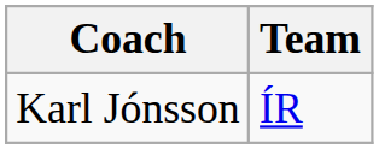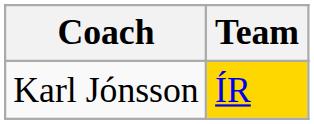 <table class="wikitable">
 <tr>
 <th align="center">Coach</th>
 <th align="center">Team</th>
 </tr>
 <tr>
 <td> Karl Jónsson</td>
-<td><a href='#'>ÍR</a></td>
+<td style="background: gold;"><a href='#'>ÍR</a></td>
 </tr>
 </table>
